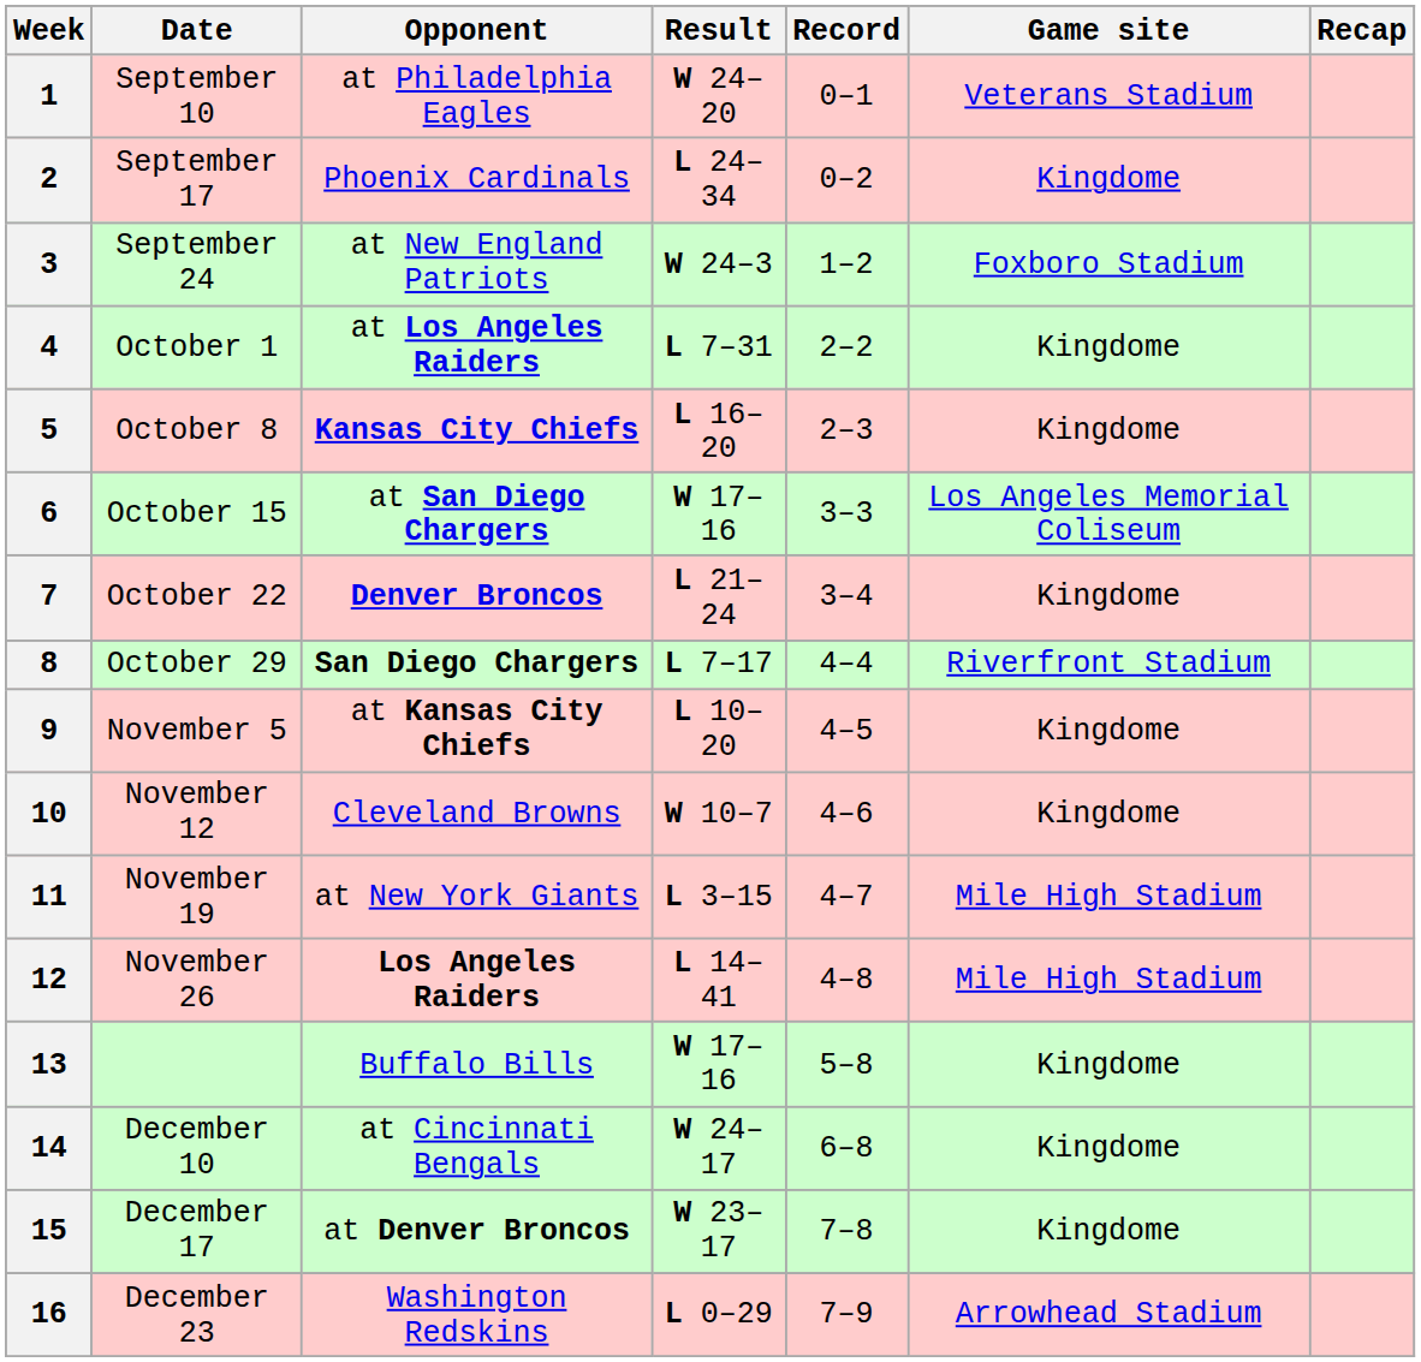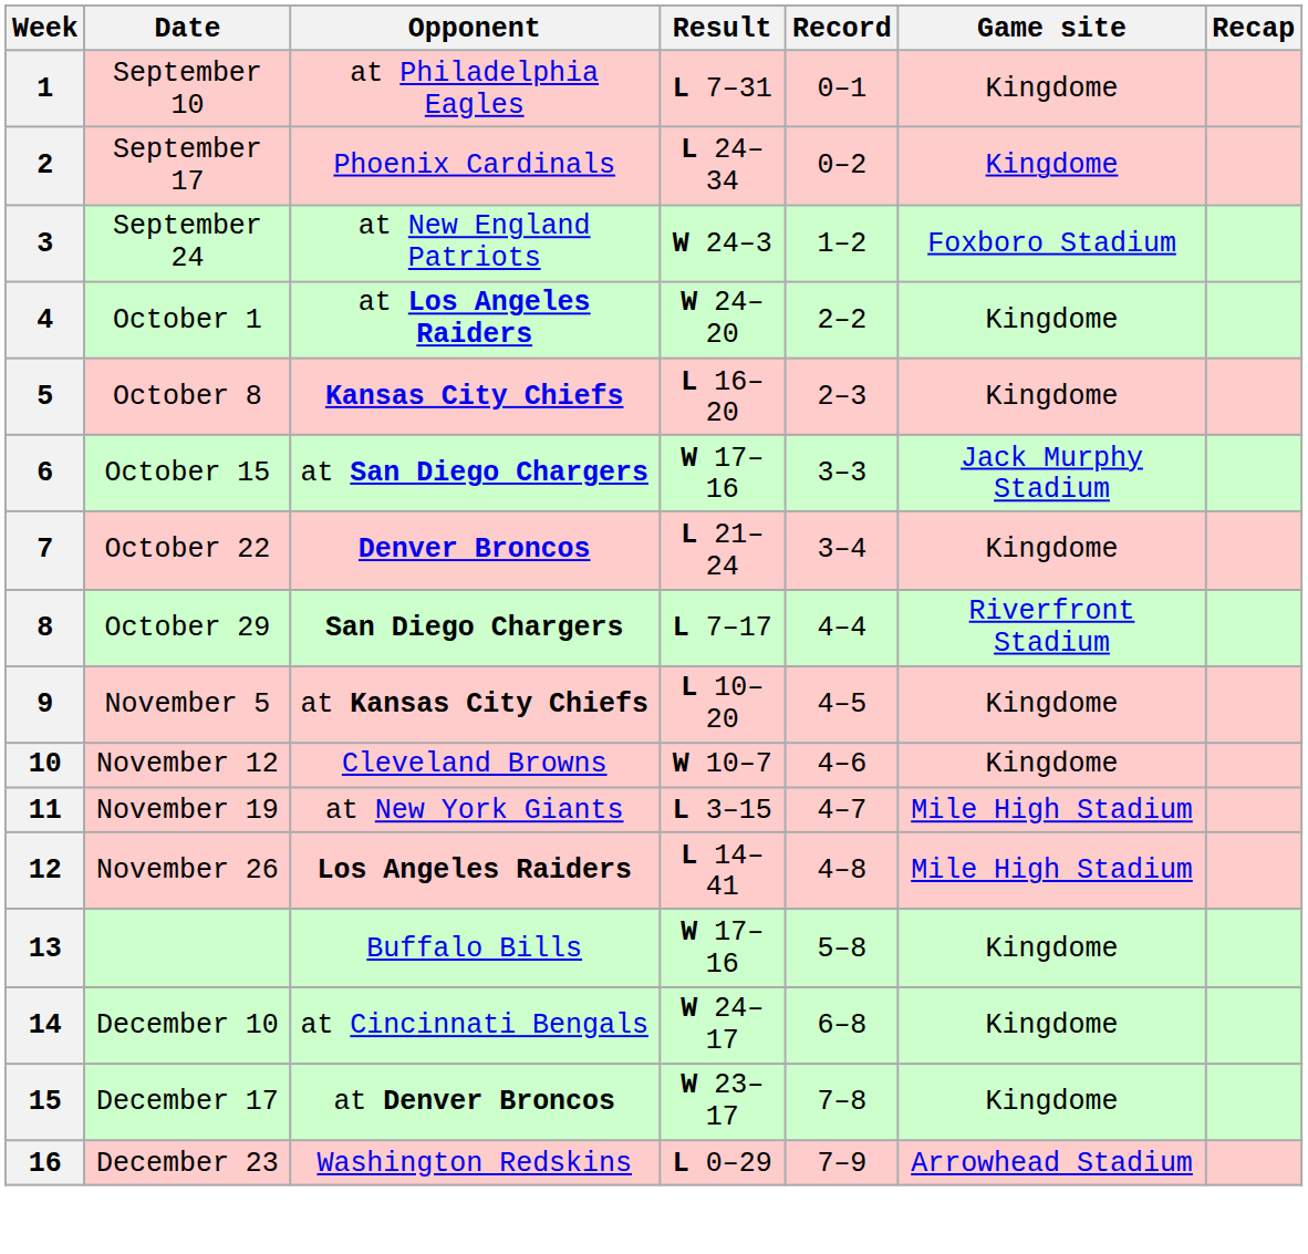 <table class="wikitable" style="text-align:center">
 <tr>
 <th>Week</th>
 <th>Date</th>
 <th>Opponent</th>
 <th>Result</th>
 <th>Record</th>
 <th>Game site</th>
 <th>Recap</th>
 </tr>
 <tr style="background:#fcc">
 <th>1</th>
 <td>September 10</td>
 <td>at <a href='#'>Philadelphia Eagles</a></td>
-<td><strong>W</strong> 24–20</td>
+<td><strong>L</strong> 7–31</td>
 <td>0–1</td>
-<td><a href='#'>Veterans Stadium</a></td>
+<td>Kingdome</td>
 <td></td>
 </tr>
 <tr style="background:#fcc">
 <th>2</th>
 <td>September 17</td>
 <td><a href='#'>Phoenix Cardinals</a></td>
 <td><strong>L</strong> 24–34</td>
 <td>0–2</td>
 <td><a href='#'>Kingdome</a></td>
 <td></td>
 </tr>
 <tr style="background:#cfc">
 <th>3</th>
 <td>September 24</td>
 <td>at <a href='#'>New England Patriots</a></td>
 <td><strong>W</strong> 24–3</td>
 <td>1–2</td>
 <td><a href='#'>Foxboro Stadium</a></td>
 <td></td>
 </tr>
 <tr style="background:#cfc">
 <th>4</th>
 <td>October 1</td>
 <td>at <strong><a href='#'>Los Angeles Raiders</a></strong></td>
-<td><strong>L</strong> 7–31</td>
+<td><strong>W</strong> 24–20</td>
 <td>2–2</td>
 <td>Kingdome</td>
 <td></td>
 </tr>
 <tr style="background:#fcc">
 <th>5</th>
 <td>October 8</td>
 <td><strong><a href='#'>Kansas City Chiefs</a></strong></td>
 <td><strong>L</strong> 16–20</td>
 <td>2–3</td>
 <td>Kingdome</td>
 <td></td>
 </tr>
 <tr style="background:#cfc">
 <th>6</th>
 <td>October 15</td>
 <td>at <strong><a href='#'>San Diego Chargers</a></strong></td>
 <td><strong>W</strong> 17–16</td>
 <td>3–3</td>
-<td><a href='#'>Los Angeles Memorial Coliseum</a></td>
+<td><a href='#'>Jack Murphy Stadium</a></td>
 <td></td>
 </tr>
 <tr style="background:#fcc">
 <th>7</th>
 <td>October 22</td>
 <td><strong><a href='#'>Denver Broncos</a></strong></td>
 <td><strong>L</strong> 21–24 </td>
 <td>3–4</td>
 <td>Kingdome</td>
 <td></td>
 </tr>
 <tr style="background:#cfc">
 <th>8</th>
 <td>October 29</td>
 <td><strong>San Diego Chargers</strong></td>
 <td><strong>L</strong> 7–17</td>
 <td>4–4</td>
 <td><a href='#'>Riverfront Stadium</a></td>
 <td></td>
 </tr>
 <tr style="background:#fcc">
 <th>9</th>
 <td>November 5</td>
 <td>at <strong>Kansas City Chiefs</strong></td>
 <td><strong>L</strong> 10–20</td>
 <td>4–5</td>
 <td>Kingdome</td>
 <td></td>
 </tr>
 <tr style="background:#fcc">
 <th>10</th>
 <td>November 12</td>
 <td><a href='#'>Cleveland Browns</a></td>
 <td><strong>W</strong> 10–7</td>
 <td>4–6</td>
 <td>Kingdome</td>
 <td></td>
 </tr>
 <tr style="background:#fcc">
 <th>11</th>
 <td>November 19</td>
 <td>at <a href='#'>New York Giants</a></td>
 <td><strong>L</strong> 3–15</td>
 <td>4–7</td>
 <td><a href='#'>Mile High Stadium</a></td>
 <td></td>
 </tr>
 <tr style="background:#fcc">
 <th>12</th>
 <td>November 26</td>
 <td><strong>Los Angeles Raiders</strong></td>
 <td><strong>L</strong> 14–41</td>
 <td>4–8</td>
 <td><a href='#'>Mile High Stadium</a></td>
 <td></td>
 </tr>
 <tr style="background:#cfc">
 <th>13</th>
 <td></td>
 <td><a href='#'>Buffalo Bills</a></td>
 <td><strong>W</strong> 17–16</td>
 <td>5–8</td>
 <td>Kingdome</td>
 <td></td>
 </tr>
 <tr style="background:#cfc">
 <th>14</th>
 <td>December 10</td>
 <td>at <a href='#'>Cincinnati Bengals</a></td>
 <td><strong>W</strong> 24–17</td>
 <td>6–8</td>
 <td>Kingdome</td>
 <td></td>
 </tr>
 <tr style="background:#cfc">
 <th>15</th>
 <td>December 17</td>
 <td>at <strong>Denver Broncos</strong></td>
 <td><strong>W</strong> 23–17</td>
 <td>7–8</td>
 <td>Kingdome</td>
 <td></td>
 </tr>
 <tr style="background:#fcc">
 <th>16</th>
 <td>December 23</td>
 <td><a href='#'>Washington Redskins</a></td>
 <td><strong>L</strong> 0–29</td>
 <td>7–9</td>
 <td><a href='#'>Arrowhead Stadium</a></td>
 <td></td>
 </tr>
 </table>
